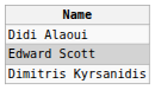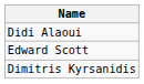 <table class="wikitable">
 <tr>
 <th>Name</th>
 </tr>
 <tr>
 <td> Didi Alaoui</td>
 </tr>
 <tr>
-<td style="background: lightgrey;"> Edward Scott</td>
+<td> Edward Scott</td>
 </tr>
 <tr>
 <td> Dimitris Kyrsanidis</td>
 </tr>
 </table>
